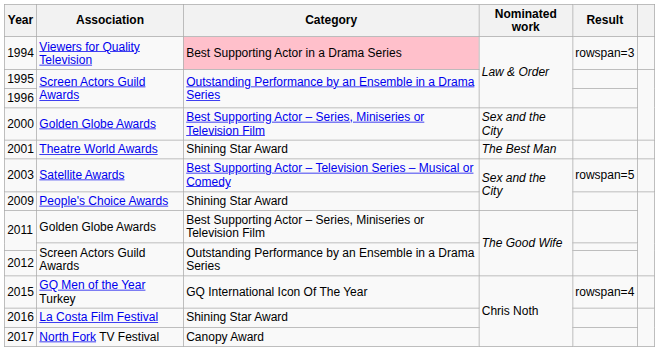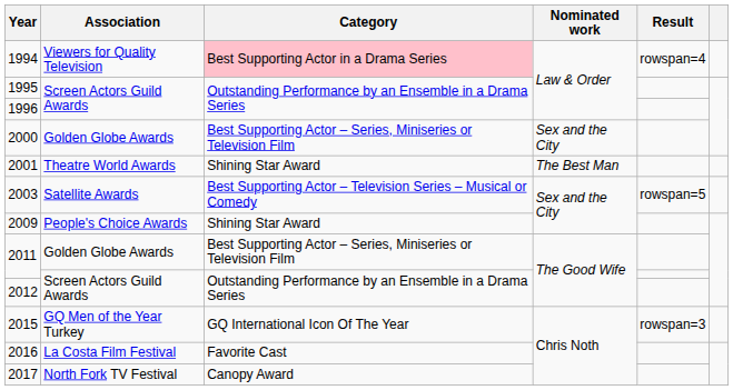 <table class="wikitable sortable">
 <tr>
 <th>Year</th>
 <th>Association</th>
 <th>Category</th>
 <th>Nominated work</th>
 <th>Result</th>
 <th scope="col" style="width:1em;" class="unsortable"></th>
 </tr>
 <tr>
 <td>1994</td>
 <td><a href='#'>Viewers for Quality Television</a></td>
 <td style="background: pink;">Best Supporting Actor in a Drama Series</td>
 <td rowspan=3><em>Law & Order</em></td>
-<td>rowspan=3 </td>
+<td>rowspan=4 </td>
 <td></td>
 </tr>
 <tr>
 <td>1995</td>
 <td rowspan=2><a href='#'>Screen Actors Guild Awards</a></td>
 <td rowspan=2><a href='#'>Outstanding Performance by an Ensemble in a Drama Series</a></td>
 <td></td>
 </tr>
 <tr>
 <td>1996</td>
 <td></td>
 </tr>
 <tr>
 <td>2000</td>
 <td><a href='#'>Golden Globe Awards</a></td>
 <td><a href='#'>Best Supporting Actor – Series, Miniseries or Television Film</a></td>
 <td><em>Sex and the City</em></td>
 <td></td>
 </tr>
 <tr>
 <td>2001</td>
 <td><a href='#'>Theatre World Awards</a></td>
 <td>Shining Star Award</td>
 <td><em>The Best Man</em></td>
 <td></td>
 <td></td>
 </tr>
 <tr>
 <td>2003</td>
 <td><a href='#'>Satellite Awards</a></td>
 <td><a href='#'>Best Supporting Actor – Television Series – Musical or Comedy</a></td>
 <td rowspan=2><em>Sex and the City</em></td>
 <td>rowspan=5 </td>
 <td></td>
 </tr>
 <tr>
 <td>2009</td>
 <td><a href='#'>People's Choice Awards</a></td>
 <td>Shining Star Award</td>
 <td></td>
 </tr>
 <tr>
 <td rowspan=2>2011</td>
 <td>Golden Globe Awards</td>
 <td>Best Supporting Actor – Series, Miniseries or Television Film</td>
 <td rowspan=3><em>The Good Wife</em></td>
 <td></td>
 </tr>
 <tr>
 <td rowspan=2>Screen Actors Guild Awards</td>
 <td rowspan=2>Outstanding Performance by an Ensemble in a Drama Series</td>
 <td></td>
 </tr>
 <tr>
 <td>2012</td>
 <td></td>
 </tr>
 <tr>
 <td>2015</td>
 <td><a href='#'>GQ Men of the Year</a> Turkey</td>
 <td>GQ International Icon Of The Year</td>
 <td rowspan=3>Chris Noth</td>
-<td>rowspan=4 </td>
+<td>rowspan=3 </td>
 <td></td>
 </tr>
 <tr>
 <td>2016</td>
 <td><a href='#'>La Costa Film Festival</a></td>
-<td>Shining Star Award</td>
+<td>Favorite Cast</td>
 <td></td>
 </tr>
 <tr>
 <td>2017</td>
 <td><a href='#'>North Fork</a> TV Festival</td>
 <td>Canopy Award</td>
 <td></td>
 </tr>
 </table>
